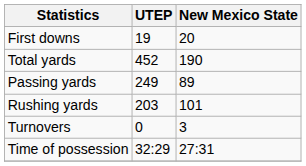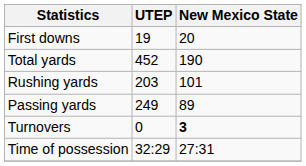 <table class="wikitable">
 <tr>
 <th>Statistics</th>
 <th>UTEP</th>
 <th>New Mexico State</th>
 </tr>
 <tr>
 <td>First downs</td>
 <td>19</td>
 <td>20</td>
 </tr>
 <tr>
 <td>Total yards</td>
 <td>452</td>
 <td>190</td>
 </tr>
 <tr>
+<td>Rushing yards</td>
+<td>203</td>
+<td>101</td>
+</tr>
+<tr>
 <td>Passing yards</td>
 <td>249</td>
 <td>89</td>
 </tr>
 <tr>
-<td>Rushing yards</td>
-<td>203</td>
-<td>101</td>
-</tr>
-<tr>
 <td>Turnovers</td>
 <td>0</td>
-<td>3</td>
+<td><strong>3</strong></td>
 </tr>
 <tr>
 <td>Time of possession</td>
 <td>32:29</td>
 <td>27:31</td>
 </tr>
 <tr>
 </tr>
 </table>
